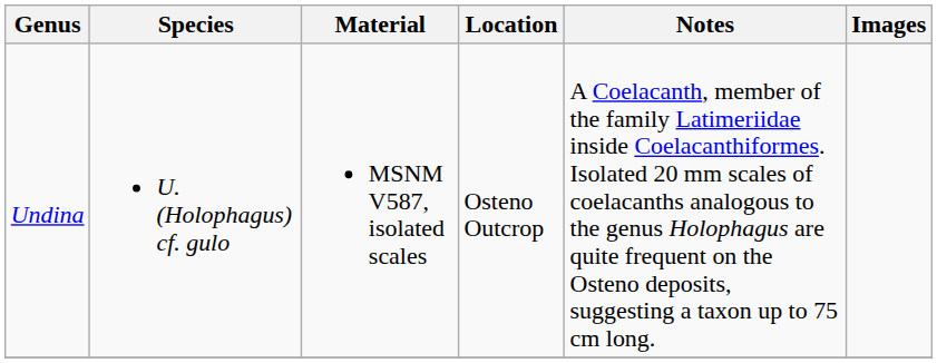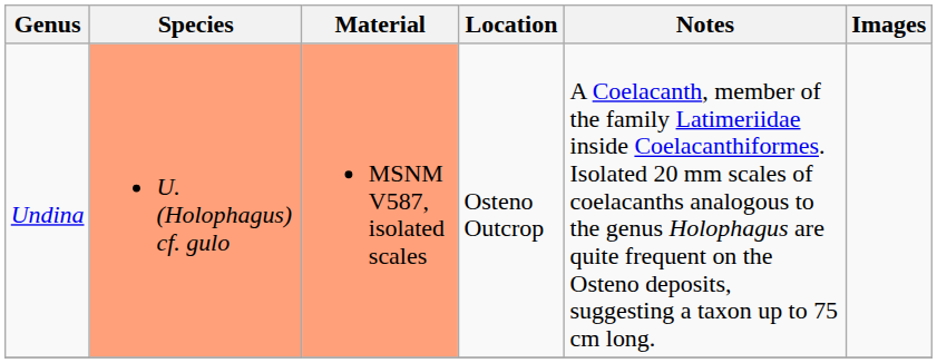 <table class="wikitable" align="center">
 <tr>
 <th>Genus</th>
 <th>Species</th>
 <th>Material</th>
 <th>Location</th>
 <th>Notes</th>
 <th>Images</th>
 </tr>
 <tr>
 <td><br><em><a href='#'>Undina</a></em></td>
-<td><br><ul><li><em>U. (Holophagus) cf. gulo</em></li></ul></td>
-<td><br><ul><li>MSNM V587, isolated scales</li></ul></td>
+<td style="background: lightsalmon;"><br><ul><li><em>U. (Holophagus) cf. gulo</em></li></ul></td>
+<td style="background: lightsalmon;"><br><ul><li>MSNM V587, isolated scales</li></ul></td>
 <td><br>Osteno Outcrop</td>
 <td><br>A <a href='#'>Coelacanth</a>, member of the family <a href='#'>Latimeriidae</a> inside <a href='#'>Coelacanthiformes</a>. Isolated 20 mm scales of coelacanths analogous to the genus <em>Holophagus</em> are quite frequent on the Osteno deposits, suggesting a taxon up to 75 cm long.</td>
 <td><br></td>
 </tr>
 <tr>
 </tr>
 </table>
